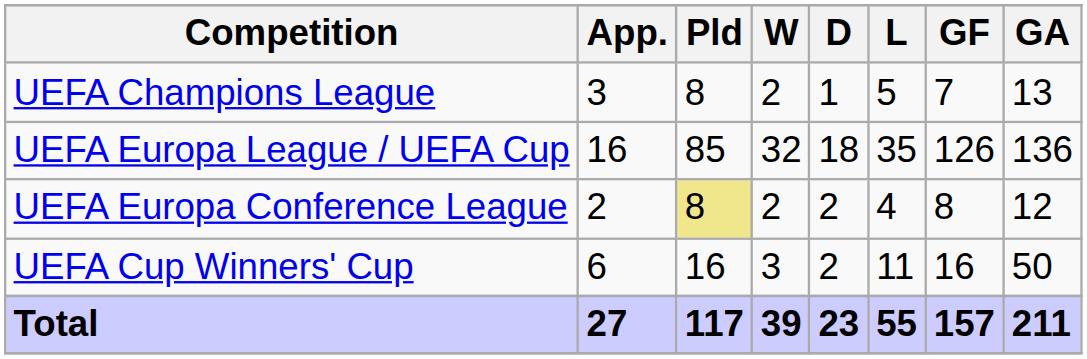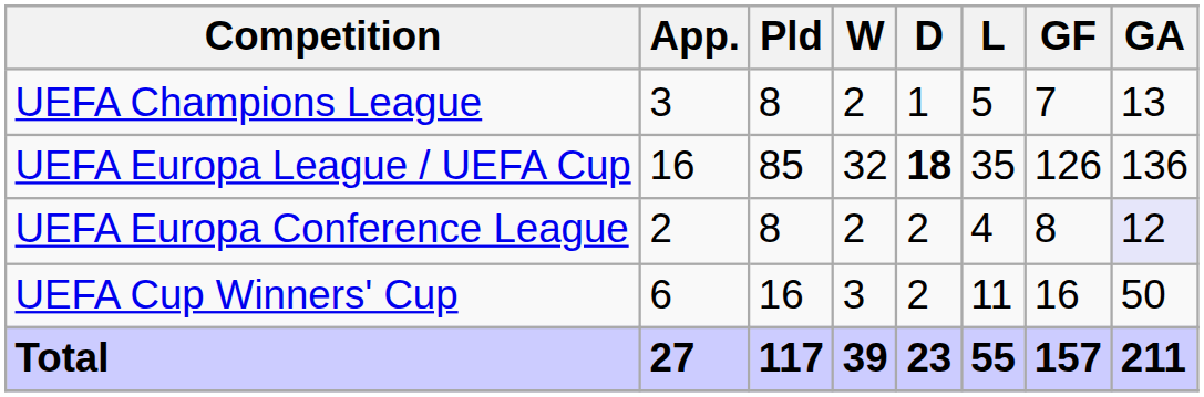 <table class="wikitable">
 <tr bgcolor="#ccccff">
 </tr>
 <tr>
 <th>Competition</th>
 <th>App.</th>
 <th>Pld</th>
 <th>W</th>
 <th>D</th>
 <th>L</th>
 <th>GF</th>
 <th>GA</th>
 </tr>
 <tr>
 <td><a href='#'>UEFA Champions League</a></td>
 <td>3</td>
 <td>8</td>
 <td>2</td>
 <td>1</td>
 <td>5</td>
 <td>7</td>
 <td>13</td>
 </tr>
 <tr>
 <td><a href='#'>UEFA Europa League / UEFA Cup</a></td>
 <td>16</td>
 <td>85</td>
 <td>32</td>
-<td>18</td>
+<td><strong>18</strong></td>
 <td>35</td>
 <td>126</td>
 <td>136</td>
 </tr>
 <tr>
 <td><a href='#'>UEFA Europa Conference League</a></td>
 <td>2</td>
-<td style="background: khaki;">8</td>
+<td>8</td>
 <td>2</td>
 <td>2</td>
 <td>4</td>
 <td>8</td>
-<td>12</td>
+<td style="background: lavender;">12</td>
 </tr>
 <tr>
 <td><a href='#'>UEFA Cup Winners' Cup</a></td>
 <td>6</td>
 <td>16</td>
 <td>3</td>
 <td>2</td>
 <td>11</td>
 <td>16</td>
 <td>50</td>
 </tr>
 <tr>
 </tr>
 <tr bgcolor="#ccccff">
 <td><strong>Total</strong></td>
 <td><strong>27</strong></td>
 <td><strong>117</strong></td>
 <td><strong>39</strong></td>
 <td><strong>23</strong></td>
 <td><strong>55</strong></td>
 <td><strong>157</strong></td>
 <td><strong>211</strong></td>
 </tr>
 <tr>
 </tr>
 </table>
